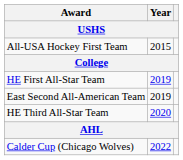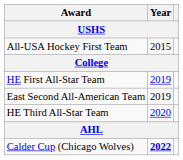 <table class="wikitable">
 <tr>
 <th>Award</th>
 <th>Year</th>
 <th></th>
 </tr>
 <tr ALIGN="center" bgcolor="#e0e0e0">
 <th colspan="3"><a href='#'>USHS</a></th>
 </tr>
 <tr>
 <td>All-USA Hockey First Team</td>
 <td>2015</td>
 <td></td>
 </tr>
 <tr ALIGN="center" bgcolor="#e0e0e0">
 <th colspan="3"><a href='#'>College</a></th>
 </tr>
 <tr>
 <td><a href='#'>HE</a> First All-Star Team</td>
 <td><a href='#'>2019</a></td>
 <td></td>
 </tr>
 <tr>
 <td>East Second All-American Team</td>
 <td>2019</td>
 <td></td>
 </tr>
 <tr>
 <td>HE Third All-Star Team</td>
 <td><a href='#'>2020</a></td>
 <td></td>
 </tr>
 <tr>
 <th colspan="3"><a href='#'>AHL</a></th>
 </tr>
 <tr>
 <td><a href='#'>Calder Cup</a> (Chicago Wolves)</td>
-<td><a href='#'>2022</a></td>
+<td><strong><a href='#'>2022</a></strong></td>
 <td></td>
 </tr>
 </table>
